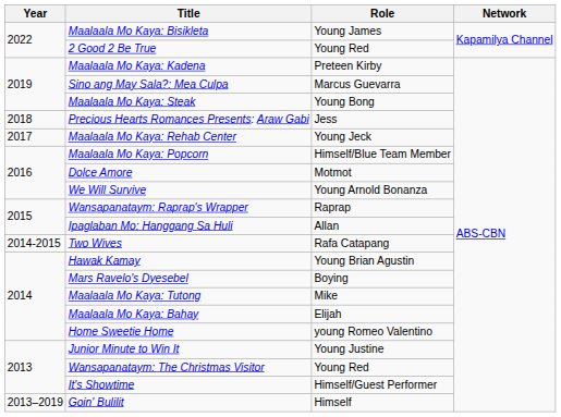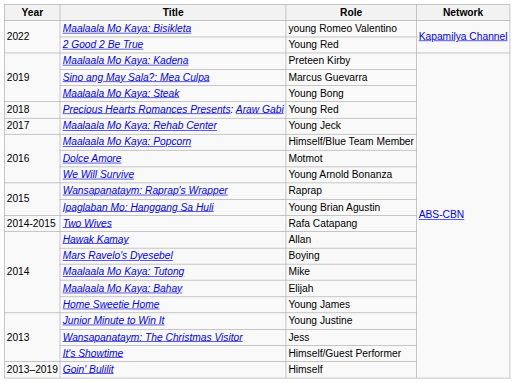 <table class="wikitable sortable">
 <tr>
 <th>Year</th>
 <th>Title</th>
 <th>Role</th>
 <th>Network</th>
 </tr>
 <tr>
 <td rowspan=2>2022</td>
 <td><em><a href='#'> Maalaala Mo Kaya: Bisikleta</a></em></td>
-<td>Young James</td>
+<td>young Romeo Valentino</td>
 <td rowspan=2><a href='#'>Kapamilya Channel</a></td>
 </tr>
 <tr>
 <td><em><a href='#'>2 Good 2 Be True</a></em></td>
 <td>Young Red</td>
 </tr>
 <tr>
 <td rowspan="3">2019</td>
 <td><em><a href='#'> Maalaala Mo Kaya: Kadena</a></em></td>
 <td>Preteen Kirby</td>
 <td rowspan="23"><a href='#'>ABS-CBN</a></td>
 </tr>
 <tr>
 <td><em><a href='#'>Sino ang May Sala?: Mea Culpa</a></em></td>
 <td>Marcus Guevarra</td>
 </tr>
 <tr>
 <td><em><a href='#'> Maalaala Mo Kaya: Steak</a></em></td>
 <td>Young Bong</td>
 </tr>
 <tr>
 <td>2018</td>
 <td><em><a href='#'>Precious Hearts Romances Presents</a>: <a href='#'>Araw Gabi</a></em></td>
-<td>Jess</td>
+<td>Young Red</td>
 </tr>
 <tr>
 <td>2017</td>
 <td><em><a href='#'> Maalaala Mo Kaya: Rehab Center</a></em></td>
 <td>Young Jeck</td>
 </tr>
 <tr>
 <td rowspan=3>2016</td>
 <td><em><a href='#'> Maalaala Mo Kaya: Popcorn</a></em></td>
 <td>Himself/Blue Team Member</td>
 </tr>
 <tr>
 <td><em><a href='#'>Dolce Amore</a></em></td>
 <td>Motmot</td>
 </tr>
 <tr>
 <td><em><a href='#'>We Will Survive</a></em></td>
 <td>Young Arnold Bonanza</td>
 </tr>
 <tr>
 <td rowspan=2>2015</td>
 <td><em><a href='#'> Wansapanataym: Raprap's Wrapper</a></em></td>
 <td>Raprap</td>
 </tr>
 <tr>
 <td><em><a href='#'>Ipaglaban Mo: Hanggang Sa Huli</a></em></td>
-<td>Allan</td>
+<td>Young Brian Agustin</td>
 </tr>
 <tr>
 <td>2014-2015</td>
 <td><em><a href='#'>Two Wives</a></em></td>
 <td>Rafa Catapang</td>
 </tr>
 <tr>
 <td rowspan=5>2014</td>
 <td><em><a href='#'>Hawak Kamay</a></em></td>
-<td>Young Brian Agustin</td>
+<td>Allan</td>
 </tr>
 <tr>
 <td><em><a href='#'>Mars Ravelo's Dyesebel</a></em></td>
 <td>Boying</td>
 </tr>
 <tr>
 <td><em><a href='#'> Maalaala Mo Kaya: Tutong</a></em></td>
 <td>Mike</td>
 </tr>
 <tr>
 <td><em><a href='#'> Maalaala Mo Kaya: Bahay</a></em></td>
 <td>Elijah</td>
 </tr>
 <tr>
 <td><em><a href='#'>Home Sweetie Home</a></em></td>
-<td>young Romeo Valentino</td>
+<td>Young James</td>
 </tr>
 <tr>
 <td rowspan=3>2013</td>
 <td><em><a href='#'>Junior Minute to Win It</a></em></td>
 <td>Young Justine</td>
 </tr>
 <tr>
 <td><em><a href='#'> Wansapanataym: The Christmas Visitor</a></em></td>
-<td>Young Red</td>
+<td>Jess</td>
 </tr>
 <tr>
 <td><em><a href='#'>It's Showtime</a></em></td>
 <td>Himself/Guest Performer</td>
 </tr>
 <tr>
 <td>2013–2019</td>
 <td><em><a href='#'>Goin' Bulilit</a></em></td>
 <td>Himself</td>
 </tr>
 </table>
